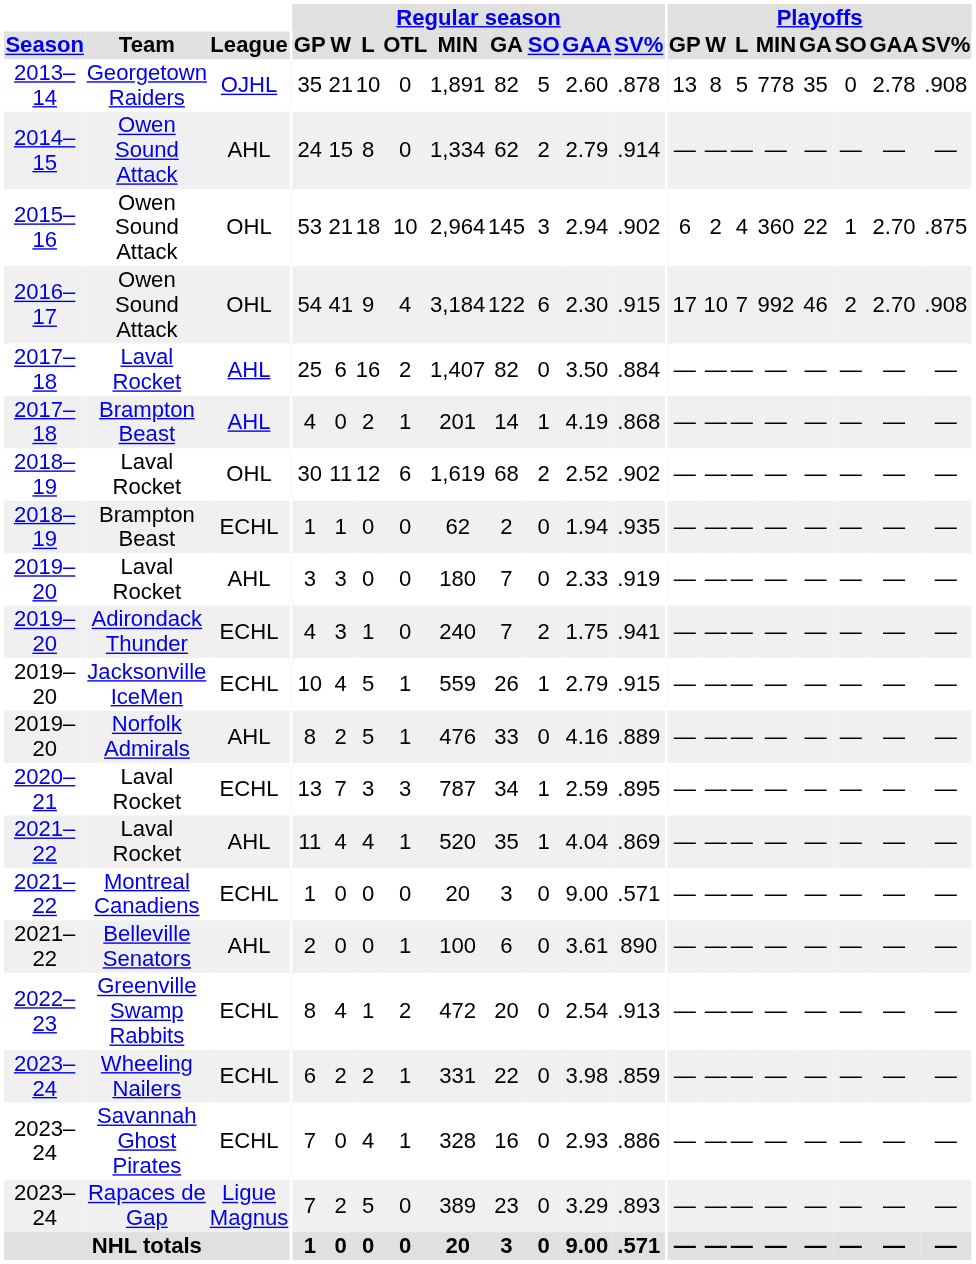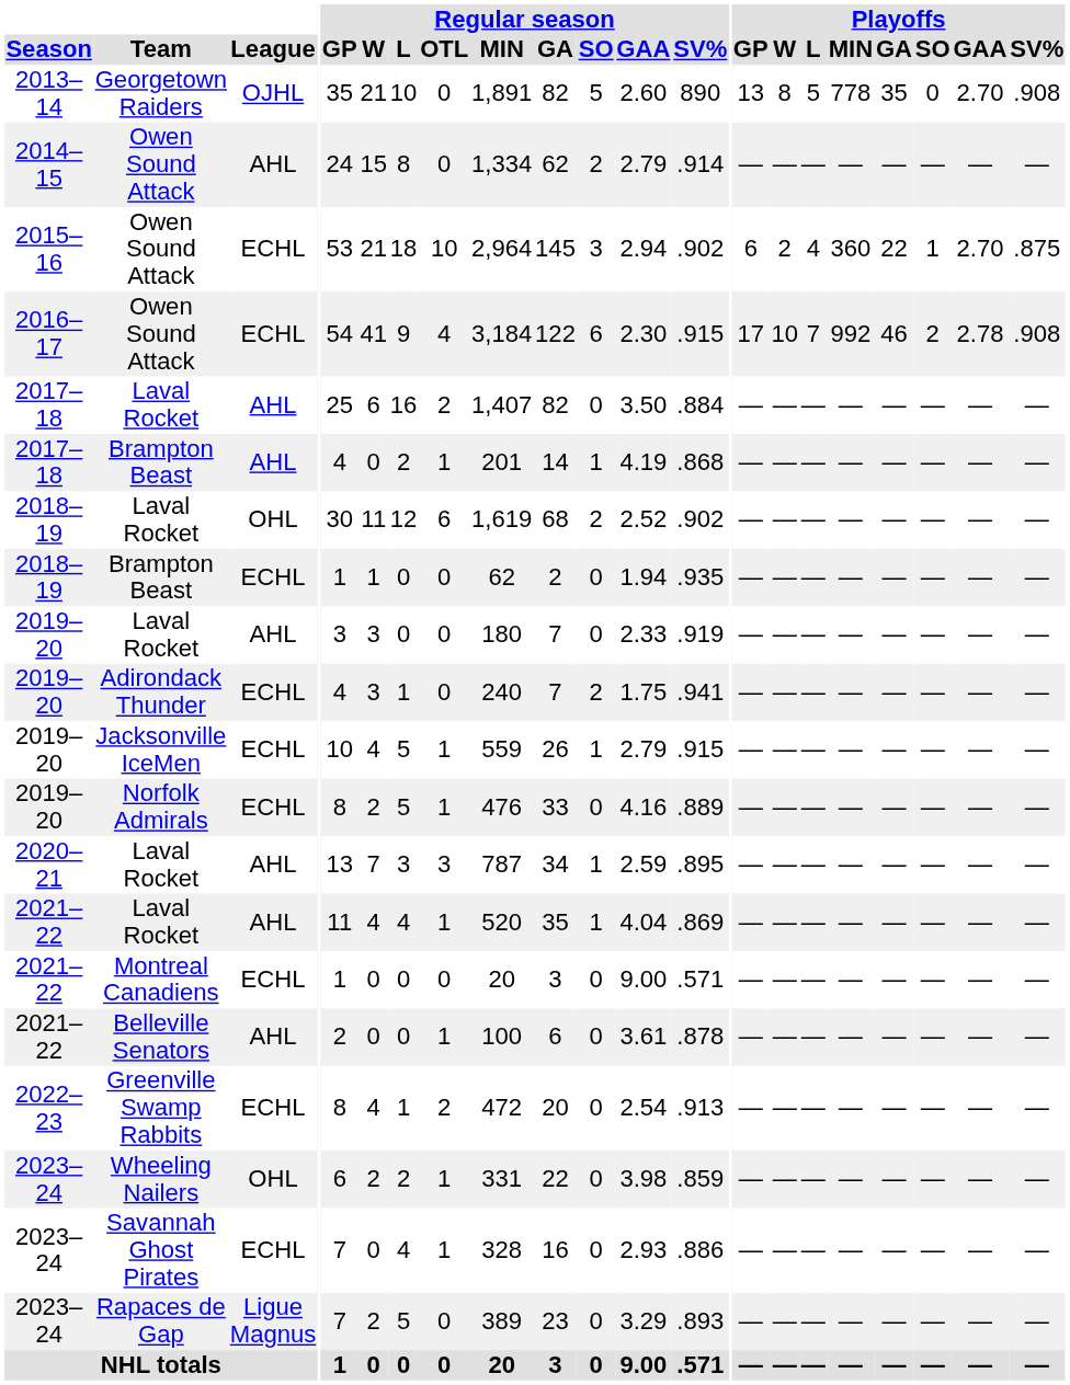 <table border="0" cellpadding="1" cellspacing="0" ID="Table3" style="text-align:center; width:75%;">
 <tr style="background:#e0e0e0;">
 <th colspan="3" style="background:#fff;"></th>
 <th rowspan="99" style="background:#fff;"></th>
 <th colspan="9" style="background:#e0e0e0;"><a href='#'>Regular season</a></th>
 <th rowspan="99" style="background:#fff;"></th>
 <th colspan="8" style="background:#e0e0e0;"><a href='#'>Playoffs</a></th>
 </tr>
 <tr bgcolor="#e0e0e0">
 <th><a href='#'>Season</a></th>
 <th>Team</th>
 <th>League</th>
 <th>GP</th>
 <th>W</th>
 <th>L</th>
 <th>OTL</th>
 <th>MIN</th>
 <th>GA</th>
 <th><a href='#'>SO</a></th>
 <th><a href='#'>GAA</a></th>
 <th><a href='#'>SV%</a></th>
 <th>GP</th>
 <th>W</th>
 <th>L</th>
 <th>MIN</th>
 <th>GA</th>
 <th>SO</th>
 <th>GAA</th>
 <th>SV%</th>
 </tr>
 <tr>
 <td><a href='#'>2013–14</a></td>
 <td><a href='#'>Georgetown Raiders</a></td>
 <td><a href='#'>OJHL</a></td>
 <td>35</td>
 <td>21</td>
 <td>10</td>
 <td>0</td>
 <td>1,891</td>
 <td>82</td>
 <td>5</td>
 <td>2.60</td>
-<td>.878</td>
+<td>890</td>
 <td>13</td>
 <td>8</td>
 <td>5</td>
 <td>778</td>
 <td>35</td>
 <td>0</td>
-<td>2.78</td>
+<td>2.70</td>
 <td>.908</td>
 </tr>
 <tr bgcolor="#f0f0f0">
 <td><a href='#'>2014–15</a></td>
 <td><a href='#'>Owen Sound Attack</a></td>
 <td>AHL</td>
 <td>24</td>
 <td>15</td>
 <td>8</td>
 <td>0</td>
 <td>1,334</td>
 <td>62</td>
 <td>2</td>
 <td>2.79</td>
 <td>.914</td>
 <td>—</td>
 <td>—</td>
 <td>—</td>
 <td>—</td>
 <td>—</td>
 <td>—</td>
 <td>—</td>
 <td>—</td>
 </tr>
 <tr>
 <td><a href='#'>2015–16</a></td>
 <td>Owen Sound Attack</td>
-<td>OHL</td>
+<td>ECHL</td>
 <td>53</td>
 <td>21</td>
 <td>18</td>
 <td>10</td>
 <td>2,964</td>
 <td>145</td>
 <td>3</td>
 <td>2.94</td>
 <td>.902</td>
 <td>6</td>
 <td>2</td>
 <td>4</td>
 <td>360</td>
 <td>22</td>
 <td>1</td>
 <td>2.70</td>
 <td>.875</td>
 </tr>
 <tr bgcolor="#f0f0f0">
 <td><a href='#'>2016–17</a></td>
 <td>Owen Sound Attack</td>
-<td>OHL</td>
+<td>ECHL</td>
 <td>54</td>
 <td>41</td>
 <td>9</td>
 <td>4</td>
 <td>3,184</td>
 <td>122</td>
 <td>6</td>
 <td>2.30</td>
 <td>.915</td>
 <td>17</td>
 <td>10</td>
 <td>7</td>
 <td>992</td>
 <td>46</td>
 <td>2</td>
-<td>2.70</td>
+<td>2.78</td>
 <td>.908</td>
 </tr>
 <tr>
 <td><a href='#'>2017–18</a></td>
 <td><a href='#'>Laval Rocket</a></td>
 <td><a href='#'>AHL</a></td>
 <td>25</td>
 <td>6</td>
 <td>16</td>
 <td>2</td>
 <td>1,407</td>
 <td>82</td>
 <td>0</td>
 <td>3.50</td>
 <td>.884</td>
 <td>—</td>
 <td>—</td>
 <td>—</td>
 <td>—</td>
 <td>—</td>
 <td>—</td>
 <td>—</td>
 <td>—</td>
 </tr>
 <tr bgcolor="#f0f0f0">
 <td><a href='#'>2017–18</a></td>
 <td><a href='#'>Brampton Beast</a></td>
 <td><a href='#'>AHL</a></td>
 <td>4</td>
 <td>0</td>
 <td>2</td>
 <td>1</td>
 <td>201</td>
 <td>14</td>
 <td>1</td>
 <td>4.19</td>
 <td>.868</td>
 <td>—</td>
 <td>—</td>
 <td>—</td>
 <td>—</td>
 <td>—</td>
 <td>—</td>
 <td>—</td>
 <td>—</td>
 </tr>
 <tr>
 <td><a href='#'>2018–19</a></td>
 <td>Laval Rocket</td>
 <td>OHL</td>
 <td>30</td>
 <td>11</td>
 <td>12</td>
 <td>6</td>
 <td>1,619</td>
 <td>68</td>
 <td>2</td>
 <td>2.52</td>
 <td>.902</td>
 <td>—</td>
 <td>—</td>
 <td>—</td>
 <td>—</td>
 <td>—</td>
 <td>—</td>
 <td>—</td>
 <td>—</td>
 </tr>
 <tr bgcolor="#f0f0f0">
 <td><a href='#'>2018–19</a></td>
 <td>Brampton Beast</td>
 <td>ECHL</td>
 <td>1</td>
 <td>1</td>
 <td>0</td>
 <td>0</td>
 <td>62</td>
 <td>2</td>
 <td>0</td>
 <td>1.94</td>
 <td>.935</td>
 <td>—</td>
 <td>—</td>
 <td>—</td>
 <td>—</td>
 <td>—</td>
 <td>—</td>
 <td>—</td>
 <td>—</td>
 </tr>
 <tr>
 <td><a href='#'>2019–20</a></td>
 <td>Laval Rocket</td>
 <td>AHL</td>
 <td>3</td>
 <td>3</td>
 <td>0</td>
 <td>0</td>
 <td>180</td>
 <td>7</td>
 <td>0</td>
 <td>2.33</td>
 <td>.919</td>
 <td>—</td>
 <td>—</td>
 <td>—</td>
 <td>—</td>
 <td>—</td>
 <td>—</td>
 <td>—</td>
 <td>—</td>
 </tr>
 <tr bgcolor="#f0f0f0">
 <td><a href='#'>2019–20</a></td>
 <td><a href='#'>Adirondack Thunder</a></td>
 <td>ECHL</td>
 <td>4</td>
 <td>3</td>
 <td>1</td>
 <td>0</td>
 <td>240</td>
 <td>7</td>
 <td>2</td>
 <td>1.75</td>
 <td>.941</td>
 <td>—</td>
 <td>—</td>
 <td>—</td>
 <td>—</td>
 <td>—</td>
 <td>—</td>
 <td>—</td>
 <td>—</td>
 </tr>
 <tr>
 <td>2019–20</td>
 <td><a href='#'>Jacksonville IceMen</a></td>
 <td>ECHL</td>
 <td>10</td>
 <td>4</td>
 <td>5</td>
 <td>1</td>
 <td>559</td>
 <td>26</td>
 <td>1</td>
 <td>2.79</td>
 <td>.915</td>
 <td>—</td>
 <td>—</td>
 <td>—</td>
 <td>—</td>
 <td>—</td>
 <td>—</td>
 <td>—</td>
 <td>—</td>
 </tr>
 <tr bgcolor="#f0f0f0">
 <td>2019–20</td>
 <td><a href='#'>Norfolk Admirals</a></td>
-<td>AHL</td>
+<td>ECHL</td>
 <td>8</td>
 <td>2</td>
 <td>5</td>
 <td>1</td>
 <td>476</td>
 <td>33</td>
 <td>0</td>
 <td>4.16</td>
 <td>.889</td>
 <td>—</td>
 <td>—</td>
 <td>—</td>
 <td>—</td>
 <td>—</td>
 <td>—</td>
 <td>—</td>
 <td>—</td>
 </tr>
 <tr>
 <td><a href='#'>2020–21</a></td>
 <td>Laval Rocket</td>
-<td>ECHL</td>
+<td>AHL</td>
 <td>13</td>
 <td>7</td>
 <td>3</td>
 <td>3</td>
 <td>787</td>
 <td>34</td>
 <td>1</td>
 <td>2.59</td>
 <td>.895</td>
 <td>—</td>
 <td>—</td>
 <td>—</td>
 <td>—</td>
 <td>—</td>
 <td>—</td>
 <td>—</td>
 <td>—</td>
 </tr>
 <tr bgcolor="#f0f0f0">
 <td><a href='#'>2021–22</a></td>
 <td>Laval Rocket</td>
 <td>AHL</td>
 <td>11</td>
 <td>4</td>
 <td>4</td>
 <td>1</td>
 <td>520</td>
 <td>35</td>
 <td>1</td>
 <td>4.04</td>
 <td>.869</td>
 <td>—</td>
 <td>—</td>
 <td>—</td>
 <td>—</td>
 <td>—</td>
 <td>—</td>
 <td>—</td>
 <td>—</td>
 </tr>
 <tr>
 <td><a href='#'>2021–22</a></td>
 <td><a href='#'>Montreal Canadiens</a></td>
 <td>ECHL</td>
 <td>1</td>
 <td>0</td>
 <td>0</td>
 <td>0</td>
 <td>20</td>
 <td>3</td>
 <td>0</td>
 <td>9.00</td>
 <td>.571</td>
 <td>—</td>
 <td>—</td>
 <td>—</td>
 <td>—</td>
 <td>—</td>
 <td>—</td>
 <td>—</td>
 <td>—</td>
 </tr>
 <tr bgcolor="#f0f0f0">
 <td>2021–22</td>
 <td><a href='#'>Belleville Senators</a></td>
 <td>AHL</td>
 <td>2</td>
 <td>0</td>
 <td>0</td>
 <td>1</td>
 <td>100</td>
 <td>6</td>
 <td>0</td>
 <td>3.61</td>
-<td>890</td>
+<td>.878</td>
 <td>—</td>
 <td>—</td>
 <td>—</td>
 <td>—</td>
 <td>—</td>
 <td>—</td>
 <td>—</td>
 <td>—</td>
 </tr>
 <tr>
 <td><a href='#'>2022–23</a></td>
 <td><a href='#'>Greenville Swamp Rabbits</a></td>
 <td>ECHL</td>
 <td>8</td>
 <td>4</td>
 <td>1</td>
 <td>2</td>
 <td>472</td>
 <td>20</td>
 <td>0</td>
 <td>2.54</td>
 <td>.913</td>
 <td>—</td>
 <td>—</td>
 <td>—</td>
 <td>—</td>
 <td>—</td>
 <td>—</td>
 <td>—</td>
 <td>—</td>
 </tr>
 <tr bgcolor="#f0f0f0">
 <td><a href='#'>2023–24</a></td>
 <td><a href='#'>Wheeling Nailers</a></td>
-<td>ECHL</td>
+<td>OHL</td>
 <td>6</td>
 <td>2</td>
 <td>2</td>
 <td>1</td>
 <td>331</td>
 <td>22</td>
 <td>0</td>
 <td>3.98</td>
 <td>.859</td>
 <td>—</td>
 <td>—</td>
 <td>—</td>
 <td>—</td>
 <td>—</td>
 <td>—</td>
 <td>—</td>
 <td>—</td>
 </tr>
 <tr>
 <td>2023–24</td>
 <td><a href='#'>Savannah Ghost Pirates</a></td>
 <td>ECHL</td>
 <td>7</td>
 <td>0</td>
 <td>4</td>
 <td>1</td>
 <td>328</td>
 <td>16</td>
 <td>0</td>
 <td>2.93</td>
 <td>.886</td>
 <td>—</td>
 <td>—</td>
 <td>—</td>
 <td>—</td>
 <td>—</td>
 <td>—</td>
 <td>—</td>
 <td>—</td>
 </tr>
 <tr bgcolor="#f0f0f0">
 <td>2023–24</td>
 <td><a href='#'>Rapaces de Gap</a></td>
 <td><a href='#'>Ligue Magnus</a></td>
 <td>7</td>
 <td>2</td>
 <td>5</td>
 <td>0</td>
 <td>389</td>
 <td>23</td>
 <td>0</td>
 <td>3.29</td>
 <td>.893</td>
 <td>—</td>
 <td>—</td>
 <td>—</td>
 <td>—</td>
 <td>—</td>
 <td>—</td>
 <td>—</td>
 <td>—</td>
 </tr>
 <tr bgcolor="#e0e0e0">
 <th colspan="3">NHL totals</th>
 <th>1</th>
 <th>0</th>
 <th>0</th>
 <th>0</th>
 <th>20</th>
 <th>3</th>
 <th>0</th>
 <th>9.00</th>
 <th>.571</th>
 <th>—</th>
 <th>—</th>
 <th>—</th>
 <th>—</th>
 <th>—</th>
 <th>—</th>
 <th>—</th>
 <th>—</th>
 </tr>
 </table>
